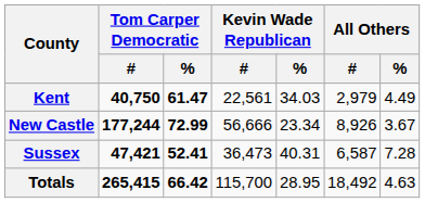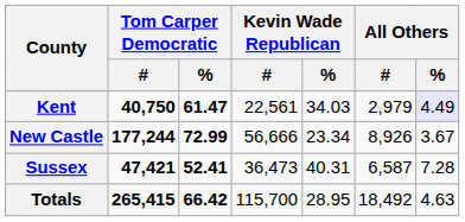 <table class="wikitable sortable" style="text-align:right;font-size:90%;line-height:1.3">
 <tr>
 <th rowspan="2">County</th>
 <th colspan="2"><a href='#'>Tom Carper</a><br><a href='#'>Democratic</a></th>
 <th colspan="2">Kevin Wade<br><a href='#'>Republican</a></th>
 <th colspan="2">All Others</th>
 </tr>
 <tr>
 <th data-sort-type="number">#</th>
 <th data-sort-type="number">%</th>
 <th data-sort-type="number">#</th>
 <th data-sort-type="number">%</th>
 <th data-sort-type="number">#</th>
 <th data-sort-type="number">%</th>
 </tr>
 <tr>
 <th><a href='#'>Kent</a></th>
 <td><strong>40,750</strong></td>
 <td><strong>61.47</strong></td>
 <td>22,561</td>
 <td>34.03</td>
 <td>2,979</td>
-<td>4.49</td>
+<td style="background: lavender;">4.49</td>
 </tr>
 <tr>
 <th><a href='#'>New Castle</a></th>
 <td><strong>177,244</strong></td>
 <td><strong>72.99</strong></td>
 <td>56,666</td>
 <td>23.34</td>
 <td>8,926</td>
 <td>3.67</td>
 </tr>
 <tr>
 <th><a href='#'>Sussex</a></th>
 <td><strong>47,421</strong></td>
 <td><strong>52.41</strong></td>
 <td>36,473</td>
 <td>40.31</td>
 <td>6,587</td>
 <td>7.28</td>
 </tr>
 <tr class="sortbottom">
 <th>Totals</th>
 <td><strong>265,415</strong></td>
 <td><strong>66.42</strong></td>
 <td>115,700</td>
 <td>28.95</td>
 <td>18,492</td>
 <td>4.63</td>
 </tr>
 </table>
